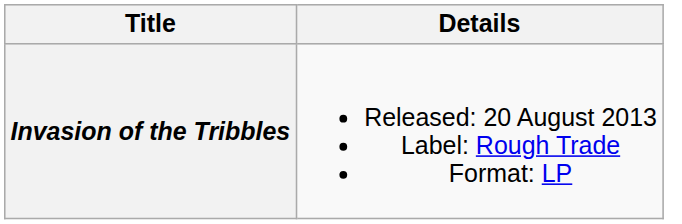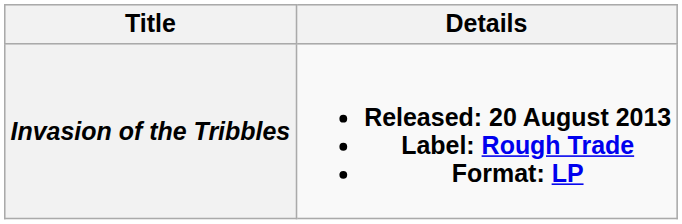 <table class="wikitable plainrowheaders" style="text-align:center;">
 <tr>
 <th scope="col">Title</th>
 <th scope="col">Details</th>
 </tr>
 <tr>
 <th scope="row"><em>Invasion of the Tribbles</em></th>
-<td><br><ul><li>Released: 20 August 2013</li><li>Label: <a href='#'>Rough Trade</a></li><li>Format: <a href='#'>LP</a></li></ul></td>
+<td><strong><br><ul><li>Released: 20 August 2013</li><li>Label: <a href='#'>Rough Trade</a></li><li>Format: <a href='#'>LP</a></li></ul></strong></td>
 </tr>
 </table>
